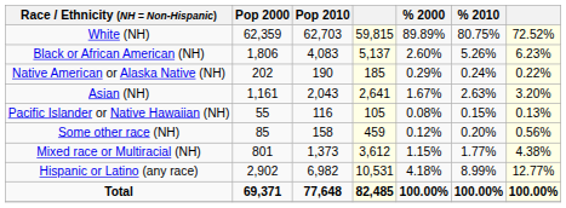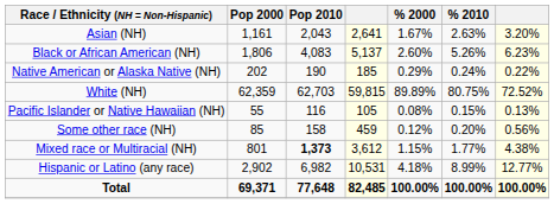 <table class="wikitable" style="text-align:center;">
 <tr>
 <th>Race / Ethnicity <small>(<em>NH = Non-Hispanic</em>)</small></th>
 <th>Pop 2000</th>
 <th>Pop 2010</th>
 <th></th>
 <th>% 2000</th>
 <th>% 2010</th>
 <th></th>
 </tr>
 <tr>
-<td><a href='#'>White</a> (NH)</td>
-<td>62,359</td>
-<td>62,703</td>
-<td style='background: #ffffe6;'>59,815</td>
-<td>89.89%</td>
-<td>80.75%</td>
-<td style='background: #ffffe6;'>72.52%</td>
+<td><a href='#'>Asian</a> (NH)</td>
+<td>1,161</td>
+<td>2,043</td>
+<td style='background: #ffffe6;'>2,641</td>
+<td>1.67%</td>
+<td>2.63%</td>
+<td style='background: #ffffe6;'>3.20%</td>
 </tr>
 <tr>
 <td><a href='#'>Black or African American</a> (NH)</td>
 <td>1,806</td>
 <td>4,083</td>
 <td style='background: #ffffe6;'>5,137</td>
 <td>2.60%</td>
 <td>5.26%</td>
 <td style='background: #ffffe6;'>6.23%</td>
 </tr>
 <tr>
 <td><a href='#'>Native American</a> or <a href='#'>Alaska Native</a> (NH)</td>
 <td>202</td>
 <td>190</td>
 <td style='background: #ffffe6;'>185</td>
 <td>0.29%</td>
 <td>0.24%</td>
 <td style='background: #ffffe6;'>0.22%</td>
 </tr>
 <tr>
-<td><a href='#'>Asian</a> (NH)</td>
-<td>1,161</td>
-<td>2,043</td>
-<td style='background: #ffffe6;'>2,641</td>
-<td>1.67%</td>
-<td>2.63%</td>
-<td style='background: #ffffe6;'>3.20%</td>
+<td><a href='#'>White</a> (NH)</td>
+<td>62,359</td>
+<td>62,703</td>
+<td style='background: #ffffe6;'>59,815</td>
+<td>89.89%</td>
+<td>80.75%</td>
+<td style='background: #ffffe6;'>72.52%</td>
 </tr>
 <tr>
 <td><a href='#'>Pacific Islander</a> or <a href='#'>Native Hawaiian</a> (NH)</td>
 <td>55</td>
 <td>116</td>
 <td style='background: #ffffe6;'>105</td>
 <td>0.08%</td>
 <td>0.15%</td>
 <td style='background: #ffffe6;'>0.13%</td>
 </tr>
 <tr>
 <td><a href='#'>Some other race</a> (NH)</td>
 <td>85</td>
 <td>158</td>
 <td style='background: #ffffe6;'>459</td>
 <td>0.12%</td>
 <td>0.20%</td>
 <td style='background: #ffffe6;'>0.56%</td>
 </tr>
 <tr>
 <td><a href='#'>Mixed race or Multiracial</a> (NH)</td>
 <td>801</td>
-<td>1,373</td>
+<td><strong>1,373</strong></td>
 <td style='background: #ffffe6;'>3,612</td>
 <td>1.15%</td>
 <td>1.77%</td>
 <td style='background: #ffffe6;'>4.38%</td>
 </tr>
 <tr>
 <td><a href='#'>Hispanic or Latino</a> (any race)</td>
 <td>2,902</td>
 <td>6,982</td>
 <td style='background: #ffffe6;'>10,531</td>
 <td>4.18%</td>
 <td>8.99%</td>
 <td style='background: #ffffe6;'>12.77%</td>
 </tr>
 <tr>
 <td><strong>Total</strong></td>
 <td><strong>69,371</strong></td>
 <td><strong>77,648</strong></td>
 <td style='background: #ffffe6;'><strong>82,485</strong></td>
 <td><strong>100.00%</strong></td>
 <td><strong>100.00%</strong></td>
 <td style='background: #ffffe6;'><strong>100.00%</strong></td>
 </tr>
 <tr>
 </tr>
 </table>
